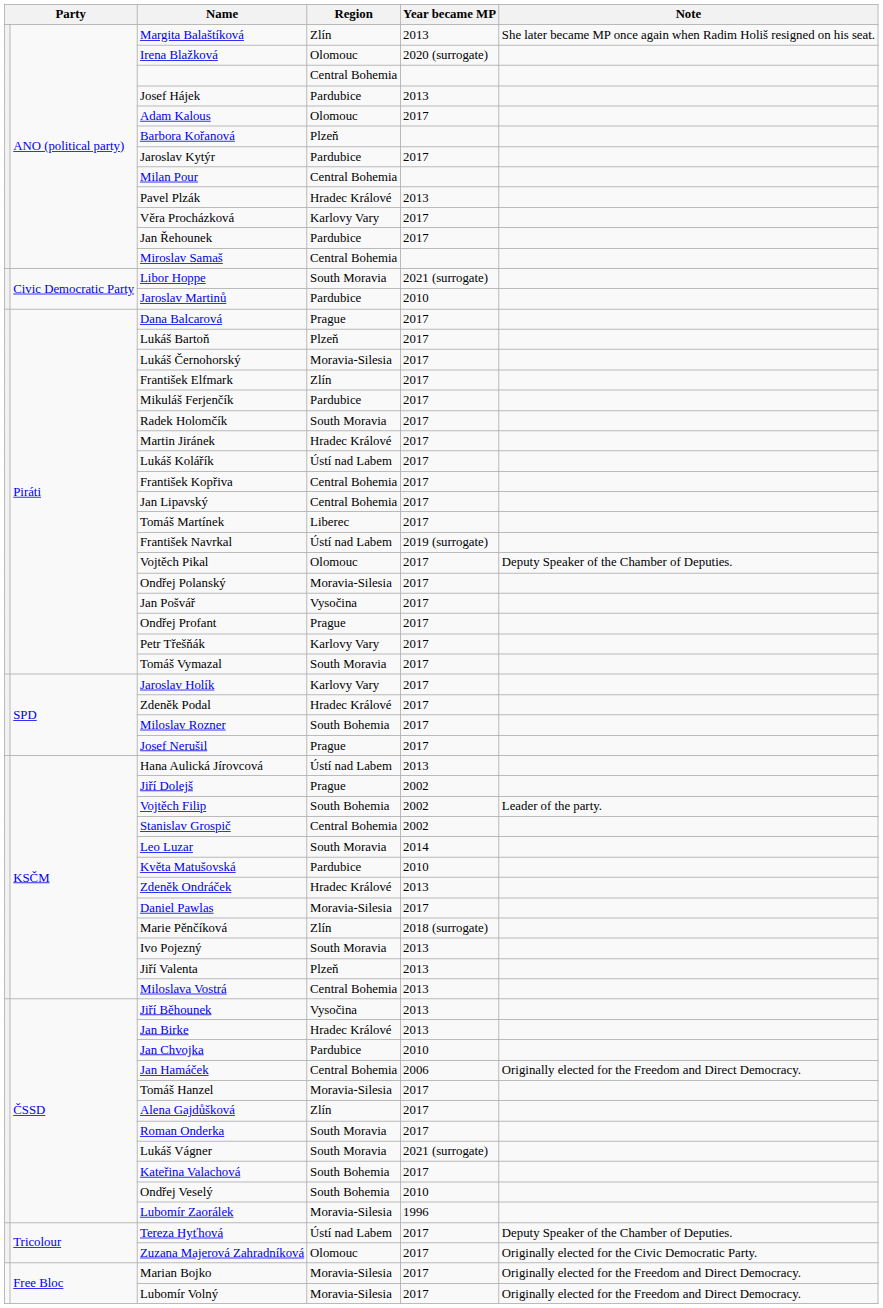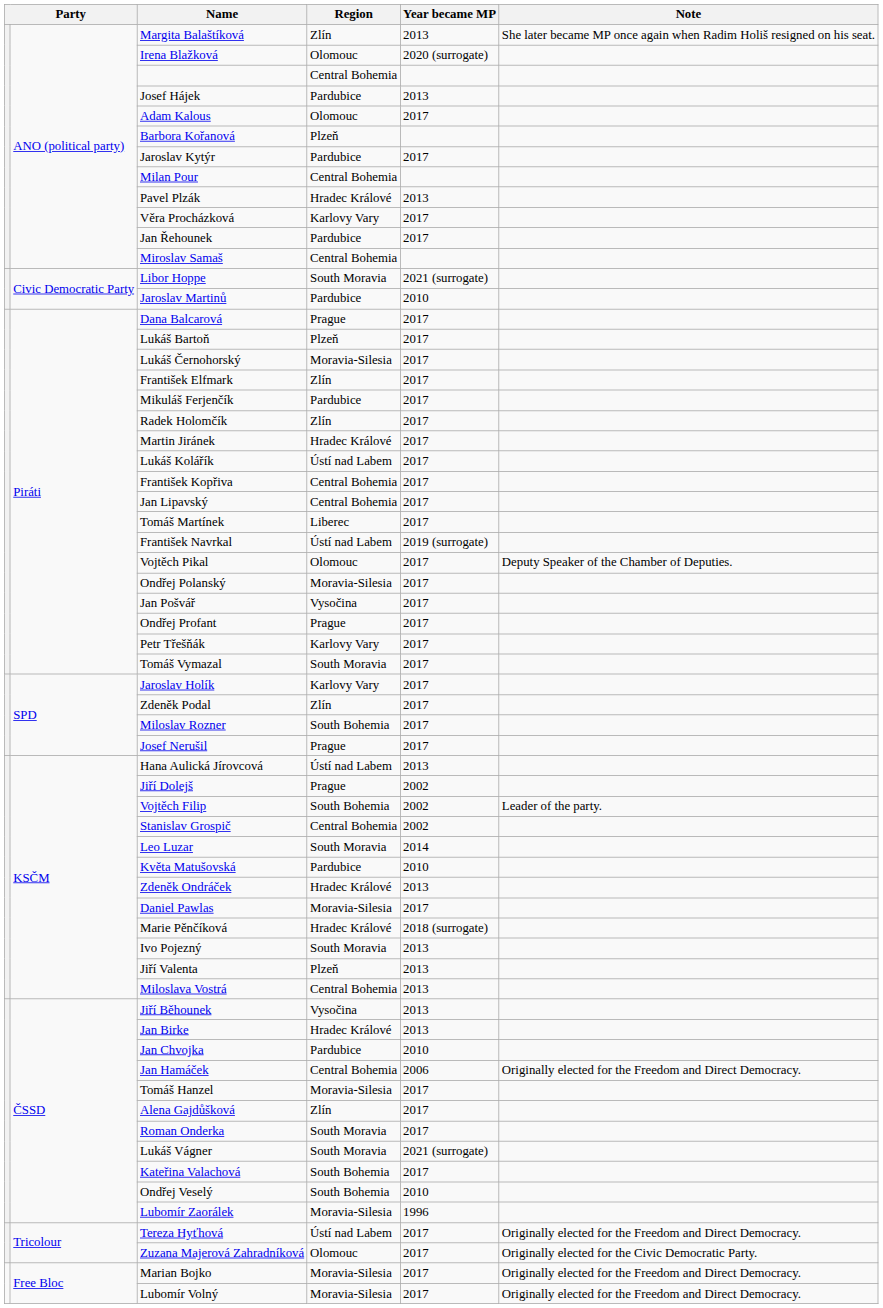 <table class="wikitable mw-collapsible mw-collapsed">
 <tr>
 <th colspan="2">Party</th>
 <th>Name</th>
 <th>Region</th>
 <th>Year became MP</th>
 <th>Note</th>
 </tr>
 <tr>
 <th rowspan="12" style="background-color: "></th>
 <td rowspan="12"><a href='#'>ANO (political party)</a></td>
 <td><a href='#'>Margita Balaštíková</a></td>
 <td>Zlín</td>
 <td>2013</td>
 <td>She later became MP once again when Radim Holiš resigned on his seat.</td>
 </tr>
 <tr>
 <td><a href='#'>Irena Blažková</a></td>
 <td>Olomouc</td>
 <td>2020 (surrogate)</td>
 <td></td>
 </tr>
 <tr>
 <td></td>
 <td>Central Bohemia</td>
 <td></td>
 <td></td>
 </tr>
 <tr>
 <td>Josef Hájek</td>
 <td>Pardubice</td>
 <td>2013</td>
 <td></td>
 </tr>
 <tr>
 <td><a href='#'>Adam Kalous</a></td>
 <td>Olomouc</td>
 <td>2017</td>
 <td></td>
 </tr>
 <tr>
 <td><a href='#'>Barbora Kořanová</a></td>
 <td>Plzeň</td>
 <td></td>
 <td></td>
 </tr>
 <tr>
 <td>Jaroslav Kytýr</td>
 <td>Pardubice</td>
 <td>2017</td>
 <td></td>
 </tr>
 <tr>
 <td><a href='#'>Milan Pour</a></td>
 <td>Central Bohemia</td>
 <td></td>
 <td></td>
 </tr>
 <tr>
 <td>Pavel Plzák</td>
 <td>Hradec Králové</td>
 <td>2013</td>
 <td></td>
 </tr>
 <tr>
 <td>Věra Procházková</td>
 <td>Karlovy Vary</td>
 <td>2017</td>
 <td></td>
 </tr>
 <tr>
 <td>Jan Řehounek</td>
 <td>Pardubice</td>
 <td>2017</td>
 <td></td>
 </tr>
 <tr>
 <td><a href='#'>Miroslav Samaš</a></td>
 <td>Central Bohemia</td>
 <td></td>
 <td></td>
 </tr>
 <tr>
 <th rowspan="2" style="background-color: "></th>
 <td rowspan="2"><a href='#'>Civic Democratic Party</a></td>
 <td><a href='#'>Libor Hoppe</a></td>
 <td>South Moravia</td>
 <td>2021 (surrogate)</td>
 <td></td>
 </tr>
 <tr>
 <td><a href='#'>Jaroslav Martinů</a></td>
 <td>Pardubice</td>
 <td>2010</td>
 <td></td>
 </tr>
 <tr>
 <th rowspan="18" style="background-color: "></th>
 <td rowspan="18"><a href='#'>Piráti</a></td>
 <td><a href='#'>Dana Balcarová</a></td>
 <td>Prague</td>
 <td>2017</td>
 <td></td>
 </tr>
 <tr>
 <td>Lukáš Bartoň</td>
 <td>Plzeň</td>
 <td>2017</td>
 <td></td>
 </tr>
 <tr>
 <td>Lukáš Černohorský</td>
 <td>Moravia-Silesia</td>
 <td>2017</td>
 <td></td>
 </tr>
 <tr>
 <td>František Elfmark</td>
 <td>Zlín</td>
 <td>2017</td>
 <td></td>
 </tr>
 <tr>
 <td>Mikuláš Ferjenčík</td>
 <td>Pardubice</td>
 <td>2017</td>
 <td></td>
 </tr>
 <tr>
 <td>Radek Holomčík</td>
-<td>South Moravia</td>
+<td>Zlín</td>
 <td>2017</td>
 <td></td>
 </tr>
 <tr>
 <td>Martin Jiránek</td>
 <td>Hradec Králové</td>
 <td>2017</td>
 <td></td>
 </tr>
 <tr>
 <td>Lukáš Kolářík</td>
 <td>Ústí nad Labem</td>
 <td>2017</td>
 <td></td>
 </tr>
 <tr>
 <td>František Kopřiva</td>
 <td>Central Bohemia</td>
 <td>2017</td>
 <td></td>
 </tr>
 <tr>
 <td>Jan Lipavský</td>
 <td>Central Bohemia</td>
 <td>2017</td>
 <td></td>
 </tr>
 <tr>
 <td>Tomáš Martínek</td>
 <td>Liberec</td>
 <td>2017</td>
 <td></td>
 </tr>
 <tr>
 <td>František Navrkal</td>
 <td>Ústí nad Labem</td>
 <td>2019 (surrogate)</td>
 <td></td>
 </tr>
 <tr>
 <td>Vojtěch Pikal</td>
 <td>Olomouc</td>
 <td>2017</td>
 <td>Deputy Speaker of the Chamber of Deputies.</td>
 </tr>
 <tr>
 <td>Ondřej Polanský</td>
 <td>Moravia-Silesia</td>
 <td>2017</td>
 <td></td>
 </tr>
 <tr>
 <td>Jan Pošvář</td>
 <td>Vysočina</td>
 <td>2017</td>
 <td></td>
 </tr>
 <tr>
 <td>Ondřej Profant</td>
 <td>Prague</td>
 <td>2017</td>
 <td></td>
 </tr>
 <tr>
 <td>Petr Třešňák</td>
 <td>Karlovy Vary</td>
 <td>2017</td>
 <td></td>
 </tr>
 <tr>
 <td>Tomáš Vymazal</td>
 <td>South Moravia</td>
 <td>2017</td>
 <td></td>
 </tr>
 <tr>
 <th rowspan="4" style="background-color: "></th>
 <td rowspan="4"><a href='#'>SPD</a></td>
 <td><a href='#'>Jaroslav Holík</a></td>
 <td>Karlovy Vary</td>
 <td>2017</td>
 <td></td>
 </tr>
 <tr>
 <td>Zdeněk Podal</td>
-<td>Hradec Králové</td>
+<td>Zlín</td>
 <td>2017</td>
 <td></td>
 </tr>
 <tr>
 <td><a href='#'>Miloslav Rozner</a></td>
 <td>South Bohemia</td>
 <td>2017</td>
 <td></td>
 </tr>
 <tr>
 <td><a href='#'>Josef Nerušil</a></td>
 <td>Prague</td>
 <td>2017</td>
 <td></td>
 </tr>
 <tr>
 <th rowspan="12" style="background-color: "></th>
 <td rowspan="12"><a href='#'>KSČM</a></td>
 <td>Hana Aulická Jírovcová</td>
 <td>Ústí nad Labem</td>
 <td>2013</td>
 <td></td>
 </tr>
 <tr>
 <td><a href='#'>Jiří Dolejš</a></td>
 <td>Prague</td>
 <td>2002</td>
 <td></td>
 </tr>
 <tr>
 <td><a href='#'>Vojtěch Filip</a></td>
 <td>South Bohemia</td>
 <td>2002</td>
 <td>Leader of the party.</td>
 </tr>
 <tr>
 <td><a href='#'>Stanislav Grospič</a></td>
 <td>Central Bohemia</td>
 <td>2002</td>
 <td></td>
 </tr>
 <tr>
 <td><a href='#'>Leo Luzar</a></td>
 <td>South Moravia</td>
 <td>2014</td>
 <td></td>
 </tr>
 <tr>
 <td><a href='#'>Květa Matušovská</a></td>
 <td>Pardubice</td>
 <td>2010</td>
 <td></td>
 </tr>
 <tr>
 <td><a href='#'>Zdeněk Ondráček</a></td>
 <td>Hradec Králové</td>
 <td>2013</td>
 <td></td>
 </tr>
 <tr>
 <td><a href='#'>Daniel Pawlas</a></td>
 <td>Moravia-Silesia</td>
 <td>2017</td>
 <td></td>
 </tr>
 <tr>
 <td>Marie Pěnčíková</td>
-<td>Zlín</td>
+<td>Hradec Králové</td>
 <td>2018 (surrogate)</td>
 <td></td>
 </tr>
 <tr>
 <td>Ivo Pojezný</td>
 <td>South Moravia</td>
 <td>2013</td>
 <td></td>
 </tr>
 <tr>
 <td>Jiří Valenta</td>
 <td>Plzeň</td>
 <td>2013</td>
 <td></td>
 </tr>
 <tr>
 <td><a href='#'>Miloslava Vostrá</a></td>
 <td>Central Bohemia</td>
 <td>2013</td>
 <td></td>
 </tr>
 <tr>
 <th rowspan="11" style="background-color: "></th>
 <td rowspan="11"><a href='#'>ČSSD</a></td>
 <td><a href='#'>Jiří Běhounek</a></td>
 <td>Vysočina</td>
 <td>2013</td>
 <td></td>
 </tr>
 <tr>
 <td><a href='#'>Jan Birke</a></td>
 <td>Hradec Králové</td>
 <td>2013</td>
 <td></td>
 </tr>
 <tr>
 <td><a href='#'>Jan Chvojka</a></td>
 <td>Pardubice</td>
 <td>2010</td>
 <td></td>
 </tr>
 <tr>
 <td><a href='#'>Jan Hamáček</a></td>
 <td>Central Bohemia</td>
 <td>2006</td>
 <td>Originally elected for the Freedom and Direct Democracy.</td>
 </tr>
 <tr>
 <td>Tomáš Hanzel</td>
 <td>Moravia-Silesia</td>
 <td>2017</td>
 <td></td>
 </tr>
 <tr>
 <td><a href='#'>Alena Gajdůšková</a></td>
 <td>Zlín</td>
 <td>2017</td>
 <td></td>
 </tr>
 <tr>
 <td><a href='#'>Roman Onderka</a></td>
 <td>South Moravia</td>
 <td>2017</td>
 <td></td>
 </tr>
 <tr>
 <td>Lukáš Vágner</td>
 <td>South Moravia</td>
 <td>2021 (surrogate)</td>
 <td></td>
 </tr>
 <tr>
 <td><a href='#'>Kateřina Valachová</a></td>
 <td>South Bohemia</td>
 <td>2017</td>
 <td></td>
 </tr>
 <tr>
 <td>Ondřej Veselý</td>
 <td>South Bohemia</td>
 <td>2010</td>
 <td></td>
 </tr>
 <tr>
 <td><a href='#'>Lubomír Zaorálek</a></td>
 <td>Moravia-Silesia</td>
 <td>1996</td>
 <td></td>
 </tr>
 <tr>
 <th rowspan="2" style="background-color: "></th>
 <td rowspan="2"><a href='#'>Tricolour</a></td>
 <td><a href='#'>Tereza Hyťhová</a></td>
 <td>Ústí nad Labem</td>
 <td>2017</td>
-<td>Deputy Speaker of the Chamber of Deputies.</td>
+<td>Originally elected for the Freedom and Direct Democracy.</td>
 </tr>
 <tr>
 <td><a href='#'>Zuzana Majerová Zahradníková</a></td>
 <td>Olomouc</td>
 <td>2017</td>
 <td>Originally elected for the Civic Democratic Party.</td>
 </tr>
 <tr>
 <td rowspan="2" style="background-color: "></td>
 <td rowspan="2"><a href='#'>Free Bloc</a></td>
 <td>Marian Bojko</td>
 <td>Moravia-Silesia</td>
 <td>2017</td>
 <td>Originally elected for the Freedom and Direct Democracy.</td>
 </tr>
 <tr>
 <td>Lubomír Volný</td>
 <td>Moravia-Silesia</td>
 <td>2017</td>
 <td>Originally elected for the Freedom and Direct Democracy.</td>
 </tr>
 </table>
